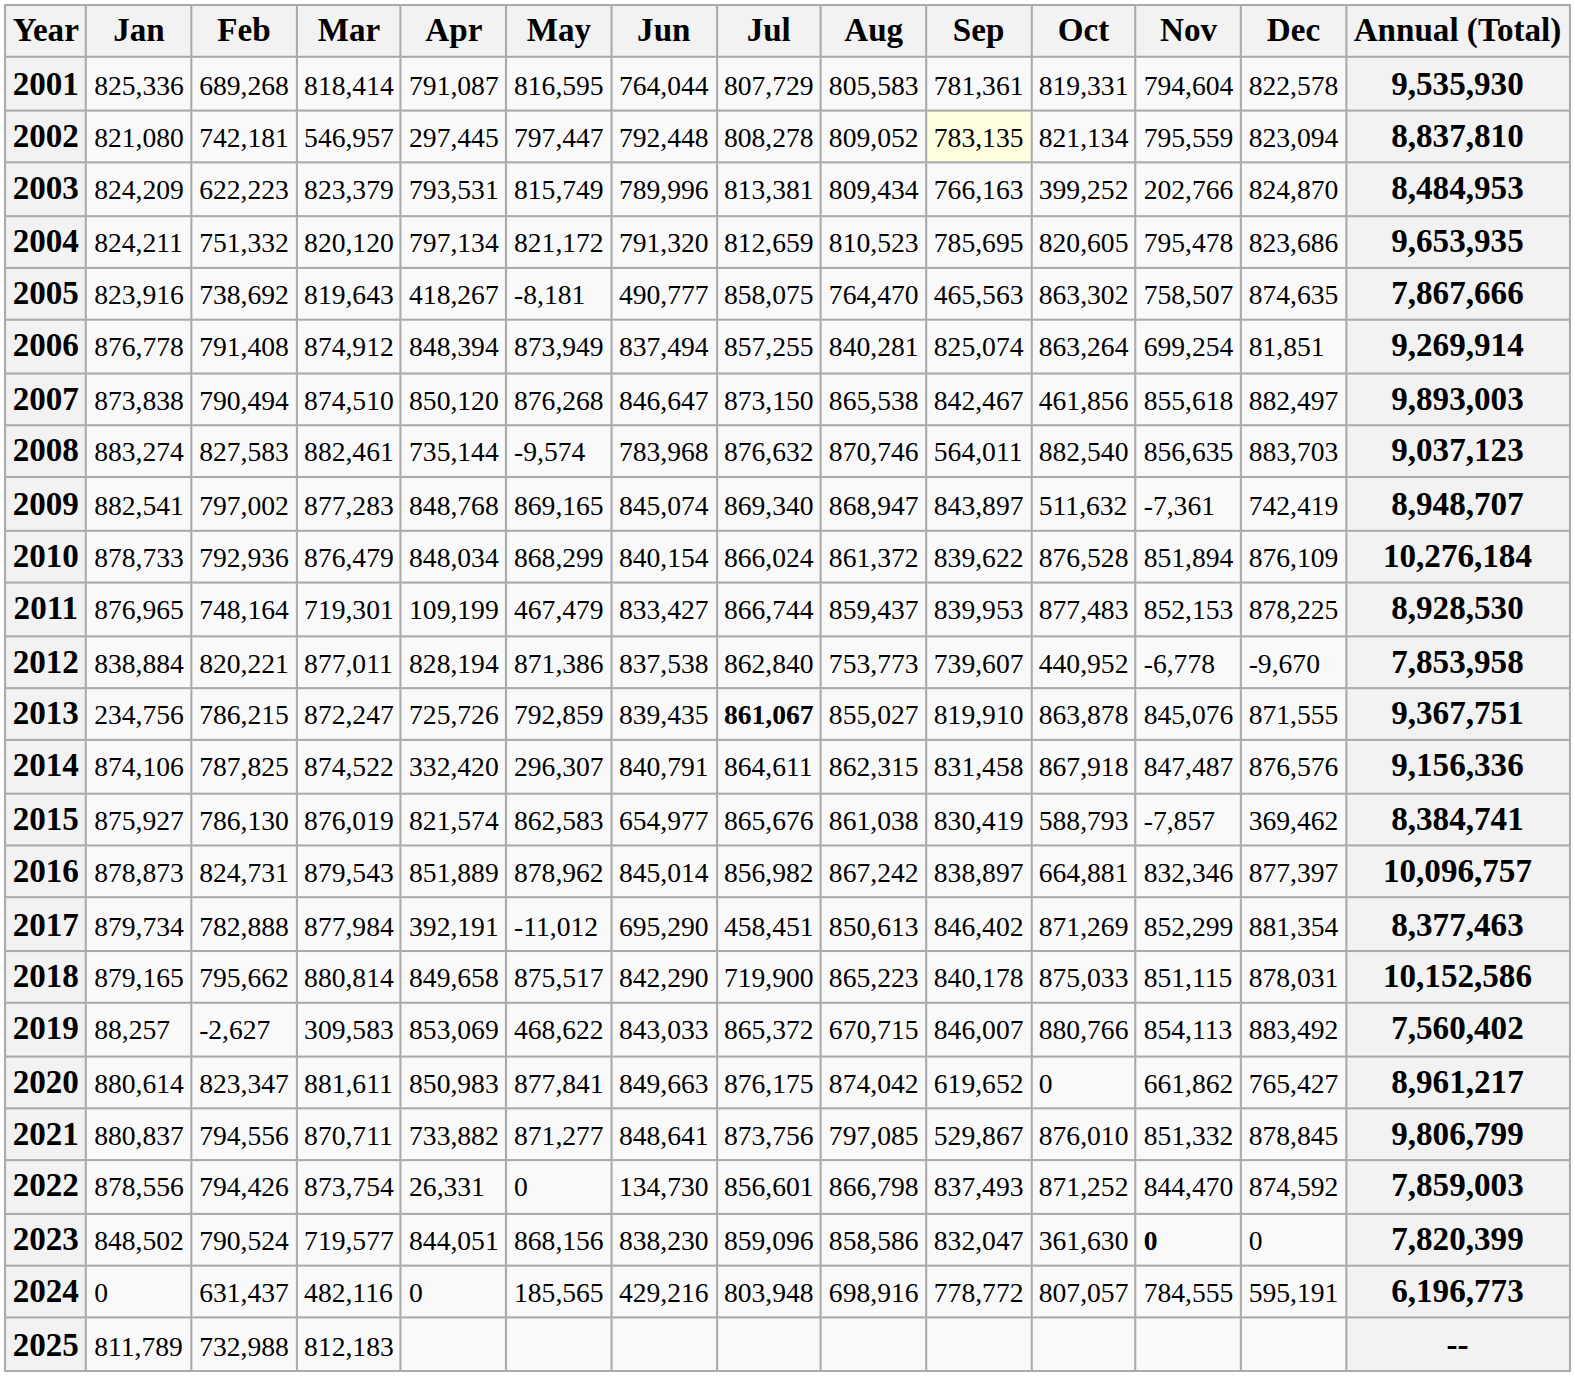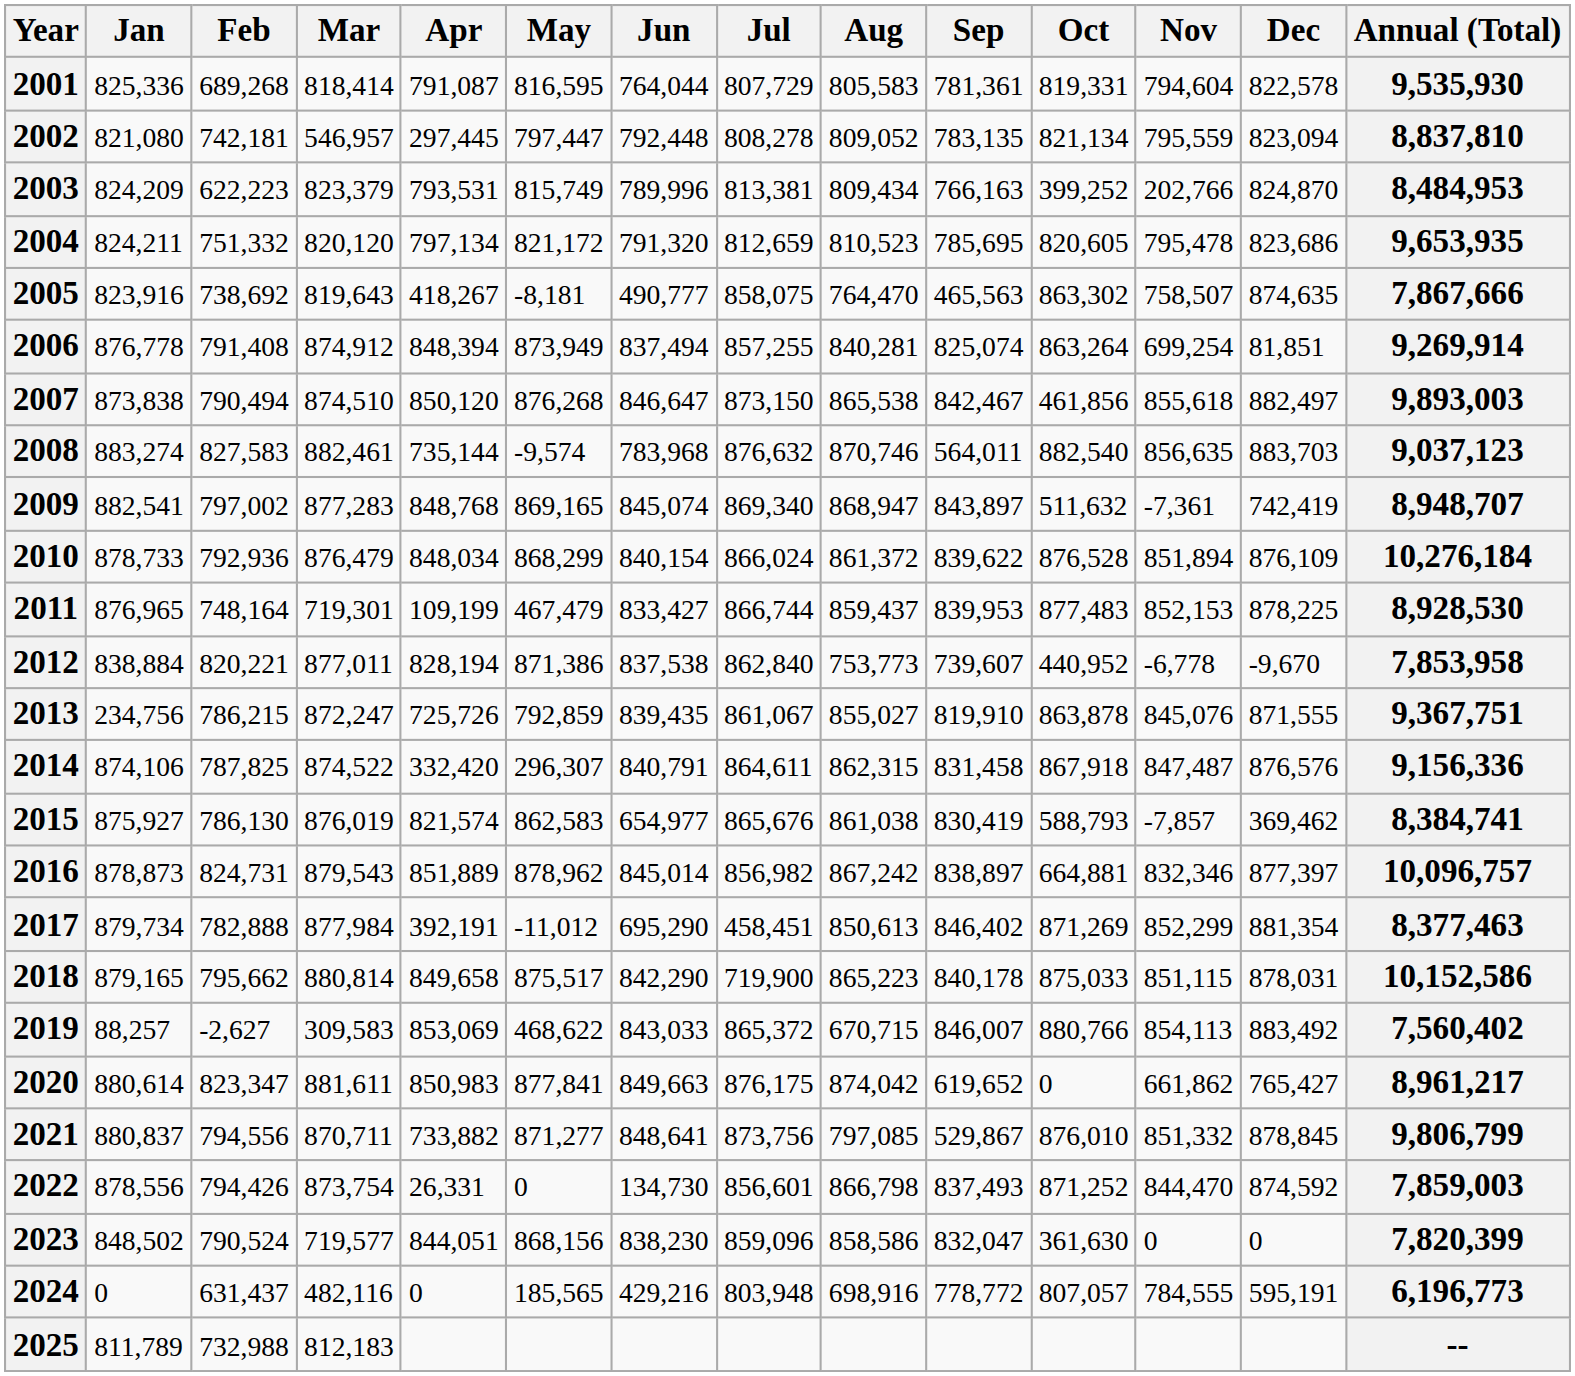 <table class="wikitable">
 <tr>
 <th>Year</th>
 <th>Jan</th>
 <th>Feb</th>
 <th>Mar</th>
 <th>Apr</th>
 <th>May</th>
 <th>Jun</th>
 <th>Jul</th>
 <th>Aug</th>
 <th>Sep</th>
 <th>Oct</th>
 <th>Nov</th>
 <th>Dec</th>
 <th>Annual (Total)</th>
 </tr>
 <tr>
 <th>2001</th>
 <td><small>825,336</small></td>
 <td><small>689,268</small></td>
 <td><small>818,414</small></td>
 <td><small>791,087</small></td>
 <td><small>816,595</small></td>
 <td><small>764,044</small></td>
 <td><small>807,729</small></td>
 <td><small>805,583</small></td>
 <td><small>781,361</small></td>
 <td><small>819,331</small></td>
 <td><small>794,604</small></td>
 <td><small>822,578</small></td>
 <th>9,535,930</th>
 </tr>
 <tr>
 <th>2002</th>
 <td><small>821,080</small></td>
 <td><small>742,181</small></td>
 <td><small>546,957</small></td>
 <td><small>297,445</small></td>
 <td><small>797,447</small></td>
 <td><small>792,448</small></td>
 <td><small>808,278</small></td>
 <td><small>809,052</small></td>
-<td style="background: lightyellow;"><small>783,135</small></td>
+<td><small>783,135</small></td>
 <td><small>821,134</small></td>
 <td><small>795,559</small></td>
 <td><small>823,094</small></td>
 <th>8,837,810</th>
 </tr>
 <tr>
 <th>2003</th>
 <td><small>824,209</small></td>
 <td><small>622,223</small></td>
 <td><small>823,379</small></td>
 <td><small>793,531</small></td>
 <td><small>815,749</small></td>
 <td><small>789,996</small></td>
 <td><small>813,381</small></td>
 <td><small>809,434</small></td>
 <td><small>766,163</small></td>
 <td><small>399,252</small></td>
 <td><small>202,766</small></td>
 <td><small>824,870</small></td>
 <th>8,484,953</th>
 </tr>
 <tr>
 <th>2004</th>
 <td><small>824,211</small></td>
 <td><small>751,332</small></td>
 <td><small>820,120</small></td>
 <td><small>797,134</small></td>
 <td><small>821,172</small></td>
 <td><small>791,320</small></td>
 <td><small>812,659</small></td>
 <td><small>810,523</small></td>
 <td><small>785,695</small></td>
 <td><small>820,605</small></td>
 <td><small>795,478</small></td>
 <td><small>823,686</small></td>
 <th>9,653,935</th>
 </tr>
 <tr>
 <th>2005</th>
 <td><small>823,916</small></td>
 <td><small>738,692</small></td>
 <td><small>819,643</small></td>
 <td><small>418,267</small></td>
 <td><small>-8,181</small></td>
 <td><small>490,777</small></td>
 <td><small>858,075</small></td>
 <td><small>764,470</small></td>
 <td><small>465,563</small></td>
 <td><small>863,302</small></td>
 <td><small>758,507</small></td>
 <td><small>874,635</small></td>
 <th>7,867,666</th>
 </tr>
 <tr>
 <th>2006</th>
 <td><small>876,778</small></td>
 <td><small>791,408</small></td>
 <td><small>874,912</small></td>
 <td><small>848,394</small></td>
 <td><small>873,949</small></td>
 <td><small>837,494</small></td>
 <td><small>857,255</small></td>
 <td><small>840,281</small></td>
 <td><small>825,074</small></td>
 <td><small>863,264</small></td>
 <td><small>699,254</small></td>
 <td><small>81,851</small></td>
 <th>9,269,914</th>
 </tr>
 <tr>
 <th>2007</th>
 <td><small>873,838</small></td>
 <td><small>790,494</small></td>
 <td><small>874,510</small></td>
 <td><small>850,120</small></td>
 <td><small>876,268</small></td>
 <td><small>846,647</small></td>
 <td><small>873,150</small></td>
 <td><small>865,538</small></td>
 <td><small>842,467</small></td>
 <td><small>461,856</small></td>
 <td><small>855,618</small></td>
 <td><small>882,497</small></td>
 <th>9,893,003</th>
 </tr>
 <tr>
 <th>2008</th>
 <td><small>883,274</small></td>
 <td><small>827,583</small></td>
 <td><small>882,461</small></td>
 <td><small>735,144</small></td>
 <td><small>-9,574</small></td>
 <td><small>783,968</small></td>
 <td><small>876,632</small></td>
 <td><small>870,746</small></td>
 <td><small>564,011</small></td>
 <td><small>882,540</small></td>
 <td><small>856,635</small></td>
 <td><small>883,703</small></td>
 <th>9,037,123</th>
 </tr>
 <tr>
 <th>2009</th>
 <td><small>882,541</small></td>
 <td><small>797,002</small></td>
 <td><small>877,283</small></td>
 <td><small>848,768</small></td>
 <td><small>869,165</small></td>
 <td><small>845,074</small></td>
 <td><small>869,340</small></td>
 <td><small>868,947</small></td>
 <td><small>843,897</small></td>
 <td><small>511,632</small></td>
 <td><small>-7,361</small></td>
 <td><small>742,419</small></td>
 <th>8,948,707</th>
 </tr>
 <tr>
 <th>2010</th>
 <td><small>878,733</small></td>
 <td><small>792,936</small></td>
 <td><small>876,479</small></td>
 <td><small>848,034</small></td>
 <td><small>868,299</small></td>
 <td><small>840,154</small></td>
 <td><small>866,024</small></td>
 <td><small>861,372</small></td>
 <td><small>839,622</small></td>
 <td><small>876,528</small></td>
 <td><small>851,894</small></td>
 <td><small>876,109</small></td>
 <th>10,276,184</th>
 </tr>
 <tr>
 <th>2011</th>
 <td><small>876,965</small></td>
 <td><small>748,164</small></td>
 <td><small>719,301</small></td>
 <td><small>109,199</small></td>
 <td><small>467,479</small></td>
 <td><small>833,427</small></td>
 <td><small>866,744</small></td>
 <td><small>859,437</small></td>
 <td><small>839,953</small></td>
 <td><small>877,483</small></td>
 <td><small>852,153</small></td>
 <td><small>878,225</small></td>
 <th>8,928,530</th>
 </tr>
 <tr>
 <th>2012</th>
 <td><small>838,884</small></td>
 <td><small>820,221</small></td>
 <td><small>877,011</small></td>
 <td><small>828,194</small></td>
 <td><small>871,386</small></td>
 <td><small>837,538</small></td>
 <td><small>862,840</small></td>
 <td><small>753,773</small></td>
 <td><small>739,607</small></td>
 <td><small>440,952</small></td>
 <td><small>-6,778</small></td>
 <td><small>-9,670</small></td>
 <th>7,853,958</th>
 </tr>
 <tr>
 <th>2013</th>
 <td><small>234,756</small></td>
 <td><small>786,215</small></td>
 <td><small>872,247</small></td>
 <td><small>725,726</small></td>
 <td><small>792,859</small></td>
 <td><small>839,435</small></td>
-<td><strong><small>861,067</small></strong></td>
+<td><small>861,067</small></td>
 <td><small>855,027</small></td>
 <td><small>819,910</small></td>
 <td><small>863,878</small></td>
 <td><small>845,076</small></td>
 <td><small>871,555</small></td>
 <th>9,367,751</th>
 </tr>
 <tr>
 <th>2014</th>
 <td><small>874,106</small></td>
 <td><small>787,825</small></td>
 <td><small>874,522</small></td>
 <td><small>332,420</small></td>
 <td><small>296,307</small></td>
 <td><small>840,791</small></td>
 <td><small>864,611</small></td>
 <td><small>862,315</small></td>
 <td><small>831,458</small></td>
 <td><small>867,918</small></td>
 <td><small>847,487</small></td>
 <td><small>876,576</small></td>
 <th>9,156,336</th>
 </tr>
 <tr>
 <th>2015</th>
 <td><small>875,927</small></td>
 <td><small>786,130</small></td>
 <td><small>876,019</small></td>
 <td><small>821,574</small></td>
 <td><small>862,583</small></td>
 <td><small>654,977</small></td>
 <td><small>865,676</small></td>
 <td><small>861,038</small></td>
 <td><small>830,419</small></td>
 <td><small>588,793</small></td>
 <td><small>-7,857</small></td>
 <td><small>369,462</small></td>
 <th>8,384,741</th>
 </tr>
 <tr>
 <th>2016</th>
 <td><small>878,873</small></td>
 <td><small>824,731</small></td>
 <td><small>879,543</small></td>
 <td><small>851,889</small></td>
 <td><small>878,962</small></td>
 <td><small>845,014</small></td>
 <td><small>856,982</small></td>
 <td><small>867,242</small></td>
 <td><small>838,897</small></td>
 <td><small>664,881</small></td>
 <td><small>832,346</small></td>
 <td><small>877,397</small></td>
 <th>10,096,757</th>
 </tr>
 <tr>
 <th>2017</th>
 <td><small>879,734</small></td>
 <td><small>782,888</small></td>
 <td><small>877,984</small></td>
 <td><small>392,191</small></td>
 <td><small>-11,012</small></td>
 <td><small>695,290</small></td>
 <td><small>458,451</small></td>
 <td><small>850,613</small></td>
 <td><small>846,402</small></td>
 <td><small>871,269</small></td>
 <td><small>852,299</small></td>
 <td><small>881,354</small></td>
 <th>8,377,463</th>
 </tr>
 <tr>
 <th>2018</th>
 <td><small>879,165</small></td>
 <td><small>795,662</small></td>
 <td><small>880,814</small></td>
 <td><small>849,658</small></td>
 <td><small>875,517</small></td>
 <td><small>842,290</small></td>
 <td><small>719,900</small></td>
 <td><small>865,223</small></td>
 <td><small>840,178</small></td>
 <td><small>875,033</small></td>
 <td><small>851,115</small></td>
 <td><small>878,031</small></td>
 <th>10,152,586</th>
 </tr>
 <tr>
 <th>2019</th>
 <td><small>88,257</small></td>
 <td><small>-2,627</small></td>
 <td><small>309,583</small></td>
 <td><small>853,069</small></td>
 <td><small>468,622</small></td>
 <td><small>843,033</small></td>
 <td><small>865,372</small></td>
 <td><small>670,715</small></td>
 <td><small>846,007</small></td>
 <td><small>880,766</small></td>
 <td><small>854,113</small></td>
 <td><small>883,492</small></td>
 <th>7,560,402</th>
 </tr>
 <tr>
 <th>2020</th>
 <td><small>880,614</small></td>
 <td><small>823,347</small></td>
 <td><small>881,611</small></td>
 <td><small>850,983</small></td>
 <td><small>877,841</small></td>
 <td><small>849,663</small></td>
 <td><small>876,175</small></td>
 <td><small>874,042</small></td>
 <td><small>619,652</small></td>
 <td><small>0</small></td>
 <td><small>661,862</small></td>
 <td><small>765,427</small></td>
 <th>8,961,217</th>
 </tr>
 <tr>
 <th>2021</th>
 <td><small>880,837</small></td>
 <td><small>794,556</small></td>
 <td><small>870,711</small></td>
 <td><small>733,882</small></td>
 <td><small>871,277</small></td>
 <td><small>848,641</small></td>
 <td><small>873,756</small></td>
 <td><small>797,085</small></td>
 <td><small>529,867</small></td>
 <td><small>876,010</small></td>
 <td><small>851,332</small></td>
 <td><small>878,845</small></td>
 <th>9,806,799</th>
 </tr>
 <tr>
 <th>2022</th>
 <td><small>878,556</small></td>
 <td><small>794,426</small></td>
 <td><small>873,754</small></td>
 <td><small>26,331</small></td>
 <td><small>0</small></td>
 <td><small>134,730</small></td>
 <td><small>856,601</small></td>
 <td><small>866,798</small></td>
 <td><small>837,493</small></td>
 <td><small>871,252</small></td>
 <td><small>844,470</small></td>
 <td><small>874,592</small></td>
 <th>7,859,003</th>
 </tr>
 <tr>
 <th>2023</th>
 <td><small>848,502</small></td>
 <td><small>790,524</small></td>
 <td><small>719,577</small></td>
 <td><small>844,051</small></td>
 <td><small>868,156</small></td>
 <td><small>838,230</small></td>
 <td><small>859,096</small></td>
 <td><small>858,586</small></td>
 <td><small>832,047</small></td>
 <td><small>361,630</small></td>
-<td><strong><small>0</small></strong></td>
+<td><small>0</small></td>
 <td><small>0</small></td>
 <th>7,820,399</th>
 </tr>
 <tr>
 <th>2024</th>
 <td><small>0</small></td>
 <td><small>631,437</small></td>
 <td><small>482,116</small></td>
 <td><small>0</small></td>
 <td><small>185,565</small></td>
 <td><small>429,216</small></td>
 <td><small>803,948</small></td>
 <td><small>698,916</small></td>
 <td><small>778,772</small></td>
 <td><small>807,057</small></td>
 <td><small>784,555</small></td>
 <td><small>595,191</small></td>
 <th>6,196,773</th>
 </tr>
 <tr>
 <th>2025</th>
 <td><small>811,789</small></td>
 <td><small>732,988</small></td>
 <td><small>812,183</small></td>
 <td><small></small></td>
 <td><small></small></td>
 <td><small></small></td>
 <td><small></small></td>
 <td><small></small></td>
 <td><small></small></td>
 <td><small></small></td>
 <td><small></small></td>
 <td><small></small></td>
 <th>--</th>
 </tr>
 <tr>
 </tr>
 </table>
